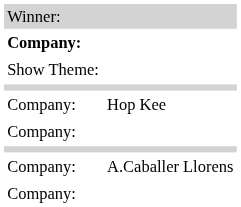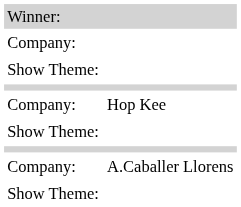 <table border="0" cellpadding="3">
 <tr>
 <td colspan="2" style="background:lightgrey;">Winner:  </td>
 </tr>
 <tr>
-<td><strong>Company:</strong></td>
+<td>Company:</td>
 <td></td>
 </tr>
 <tr>
 <td>Show Theme:</td>
 <td></td>
 </tr>
 <tr>
 <td colspan="2" style="background:lightgrey;"></td>
 </tr>
 <tr>
 <td>Company:</td>
 <td>Hop Kee</td>
 </tr>
 <tr>
-<td>Company:</td>
+<td>Show Theme:</td>
 <td></td>
 </tr>
 <tr>
 <td colspan="2" style="background:lightgrey;"></td>
 </tr>
 <tr>
 <td>Company:</td>
 <td>A.Caballer Llorens</td>
 </tr>
 <tr>
-<td>Company:</td>
+<td>Show Theme:</td>
 <td></td>
 </tr>
 </table>
